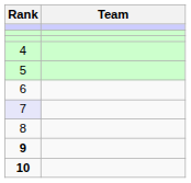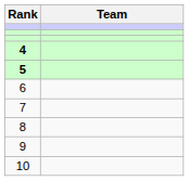 <table class="wikitable" style="text-align: center;">
 <tr>
 <th width=40>Rank</th>
 <th width=180>Team</th>
 </tr>
 <tr bgcolor="#ccccff">
 <td></td>
 <td align="left"></td>
 </tr>
 <tr bgcolor="#ccffcc">
 <td></td>
 <td align="left"></td>
 </tr>
 <tr bgcolor="#ccffcc">
 <td></td>
 <td align="left"></td>
 </tr>
 <tr bgcolor="#ccffcc">
-<td>4</td>
+<td><strong>4</strong></td>
 <td align="left"></td>
 </tr>
 <tr bgcolor="#ccffcc">
-<td>5</td>
+<td><strong>5</strong></td>
 <td align="left"></td>
 </tr>
 <tr>
 <td>6</td>
 <td align="left"></td>
 </tr>
 <tr>
-<td style="background: lavender;">7</td>
+<td>7</td>
 <td align="left"></td>
 </tr>
 <tr>
 <td>8</td>
 <td align="left"></td>
 </tr>
 <tr>
-<td><strong>9</strong></td>
+<td>9</td>
 <td align="left"></td>
 </tr>
 <tr>
-<td><strong>10</strong></td>
+<td>10</td>
 <td align="left"></td>
 </tr>
 </table>
